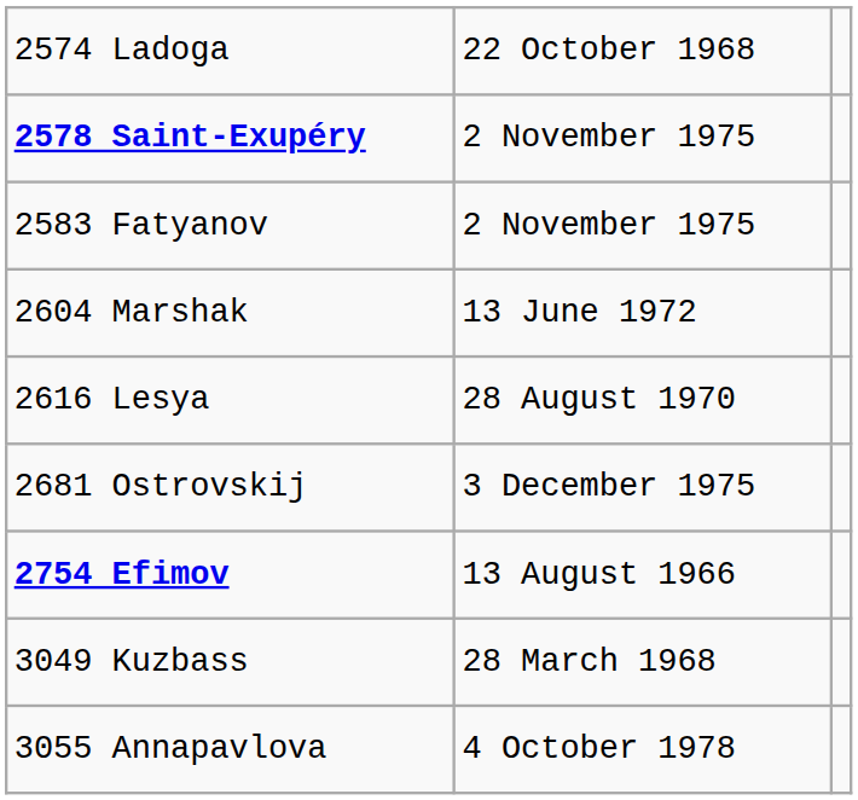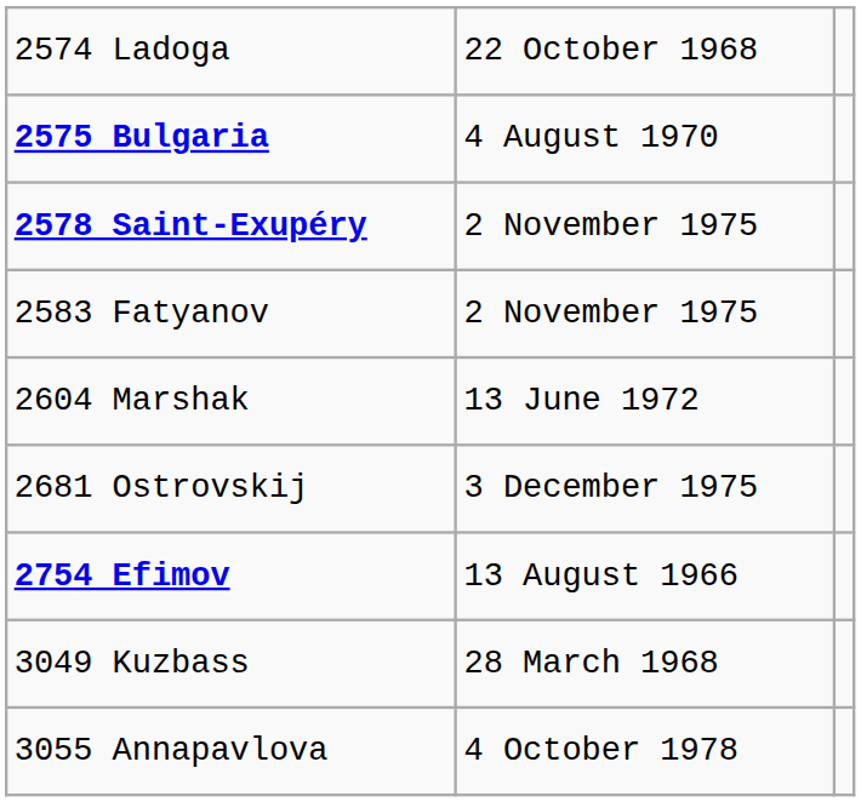 <table class="wikitable" style="font-size: 89%; float: left; width: 26em; margin-right: 1em; height: 280px;">
 <tr>
 <td>2574 Ladoga</td>
 <td>22 October 1968</td>
+<td></td>
+</tr>
+<tr>
+<td><strong><a href='#'>2575 Bulgaria</a></strong></td>
+<td>4 August 1970</td>
 <td></td>
 </tr>
 <tr>
 <td><strong><a href='#'>2578 Saint-Exupéry</a></strong></td>
 <td>2 November 1975</td>
 <td></td>
 </tr>
 <tr>
 <td>2583 Fatyanov</td>
 <td>2 November 1975</td>
 <td></td>
 </tr>
 <tr>
 <td>2604 Marshak</td>
 <td>13 June 1972</td>
-<td></td>
-</tr>
-<tr>
-<td>2616 Lesya</td>
-<td>28 August 1970</td>
 <td></td>
 </tr>
 <tr>
 <td>2681 Ostrovskij</td>
 <td>3 December 1975</td>
 <td></td>
 </tr>
 <tr>
 <td><strong><a href='#'>2754 Efimov</a></strong></td>
 <td>13 August 1966</td>
 <td></td>
 </tr>
 <tr>
 <td>3049 Kuzbass</td>
 <td>28 March 1968</td>
 <td></td>
 </tr>
 <tr>
 <td>3055 Annapavlova</td>
 <td>4 October 1978</td>
 <td></td>
 </tr>
 </table>
